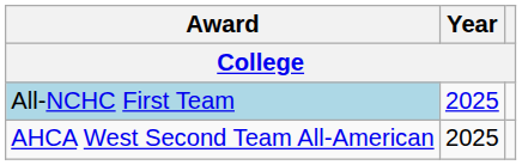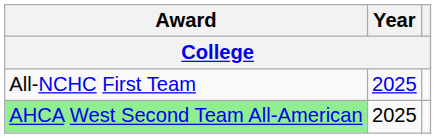 <table class="wikitable">
 <tr>
 <th>Award</th>
 <th>Year</th>
 <th></th>
 </tr>
 <tr>
 <th colspan="3"><a href='#'>College</a></th>
 </tr>
 <tr>
-<td style="background: lightblue;">All-<a href='#'>NCHC</a> <a href='#'>First Team</a></td>
+<td>All-<a href='#'>NCHC</a> <a href='#'>First Team</a></td>
 <td><a href='#'>2025</a></td>
 <td></td>
 </tr>
 <tr>
-<td><a href='#'>AHCA</a> <a href='#'>West Second Team All-American</a></td>
+<td style="background: lightgreen;"><a href='#'>AHCA</a> <a href='#'>West Second Team All-American</a></td>
 <td>2025</td>
 <td></td>
 </tr>
 </table>
